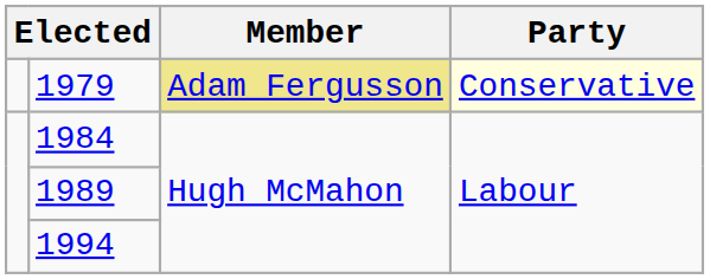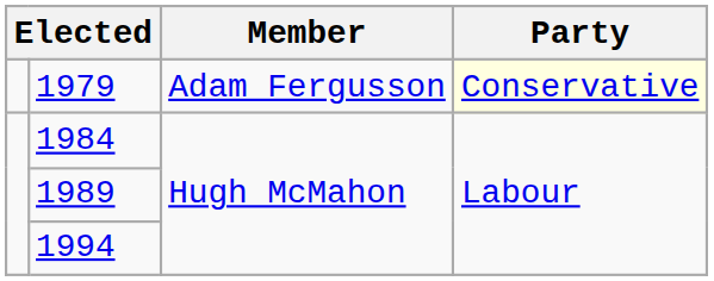 <table class="wikitable">
 <tr>
 <th colspan="2">Elected</th>
 <th>Member</th>
 <th>Party</th>
 </tr>
 <tr>
 <td style="background-color: "></td>
 <td><a href='#'>1979</a></td>
-<td style="background: khaki;"><a href='#'>Adam Fergusson</a></td>
+<td><a href='#'>Adam Fergusson</a></td>
 <td style="background: lightyellow;"><a href='#'>Conservative</a></td>
 </tr>
 <tr>
 <td rowspan="3" style="background-color: "></td>
 <td><a href='#'>1984</a></td>
 <td rowspan="3"><a href='#'>Hugh McMahon</a></td>
 <td rowspan="3"><a href='#'>Labour</a></td>
 </tr>
 <tr>
 <td><a href='#'>1989</a></td>
 </tr>
 <tr>
 <td><a href='#'>1994</a></td>
 </tr>
 </table>
